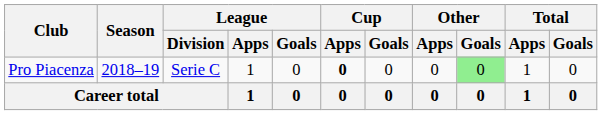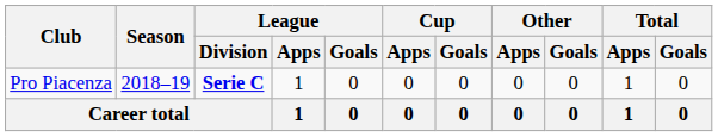 <table class="wikitable" style="text-align: center">
 <tr>
 <th rowspan="2">Club</th>
 <th rowspan="2">Season</th>
 <th colspan="3">League</th>
 <th colspan="2">Cup</th>
 <th colspan="2">Other</th>
 <th colspan="2">Total</th>
 </tr>
 <tr>
 <th>Division</th>
 <th>Apps</th>
 <th>Goals</th>
 <th>Apps</th>
 <th>Goals</th>
 <th>Apps</th>
 <th>Goals</th>
 <th>Apps</th>
 <th>Goals</th>
 </tr>
 <tr>
 <td><a href='#'>Pro Piacenza</a></td>
 <td><a href='#'>2018–19</a></td>
-<td><a href='#'>Serie C</a></td>
+<td><strong><a href='#'>Serie C</a></strong></td>
 <td>1</td>
 <td>0</td>
-<td><strong>0</strong></td>
 <td>0</td>
 <td>0</td>
-<td style="background: lightgreen;">0</td>
+<td>0</td>
+<td>0</td>
 <td>1</td>
 <td>0</td>
 </tr>
 <tr>
 <th colspan="3">Career total</th>
 <th>1</th>
 <th>0</th>
 <th>0</th>
 <th>0</th>
 <th>0</th>
 <th>0</th>
 <th>1</th>
 <th>0</th>
 </tr>
 </table>
